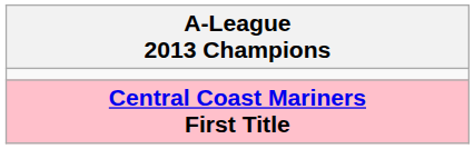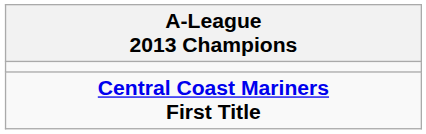 <table class="wikitable" style="text-align: center; margin: 0 auto; width: 20%">
 <tr>
 <th>A-League<br>2013 Champions</th>
 </tr>
 <tr>
 <td></td>
 </tr>
 <tr>
-<td style="background: pink;"><strong><a href='#'>Central Coast Mariners</a></strong><br><strong>First Title</strong></td>
+<td><strong><a href='#'>Central Coast Mariners</a></strong><br><strong>First Title</strong></td>
 </tr>
 </table>
